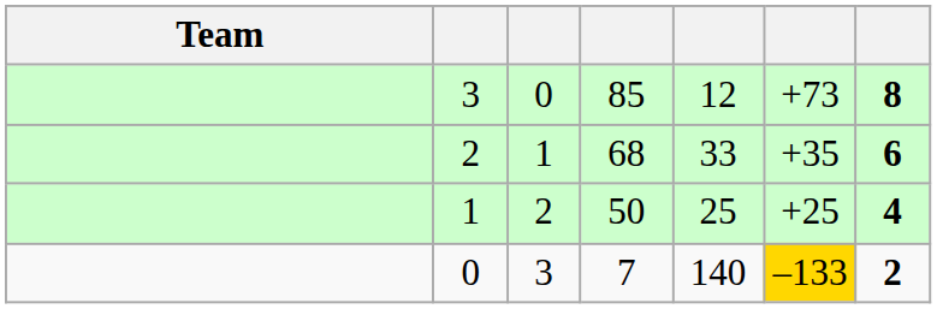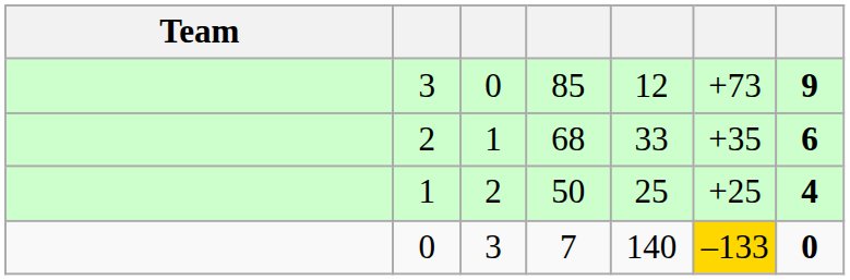 <table class="wikitable" style="text-align:center;">
 <tr>
 <th style="width:11.0em;">Team</th>
 <th style="width:1.5em;"></th>
 <th style="width:1.5em;"></th>
 <th style="width:2.0em;"></th>
 <th style="width:2.0em;"></th>
 <th style="width:2.0em;"></th>
 <th style="width:1.5em;"></th>
 </tr>
 <tr bgcolor=#cfc>
 <td align="left"></td>
 <td>3</td>
 <td>0</td>
 <td>85</td>
 <td>12</td>
 <td>+73</td>
-<td><strong>8</strong></td>
+<td><strong>9</strong></td>
 </tr>
 <tr bgcolor=#cfc>
 <td align="left"></td>
 <td>2</td>
 <td>1</td>
 <td>68</td>
 <td>33</td>
 <td>+35</td>
 <td><strong>6</strong></td>
 </tr>
 <tr bgcolor=#cfc>
 <td align="left"></td>
 <td>1</td>
 <td>2</td>
 <td>50</td>
 <td>25</td>
 <td>+25</td>
 <td><strong>4</strong></td>
 </tr>
 <tr>
 <td align="left"></td>
 <td>0</td>
 <td>3</td>
 <td>7</td>
 <td>140</td>
 <td style="background: gold;">–133</td>
-<td><strong>2</strong></td>
+<td><strong>0</strong></td>
 </tr>
 </table>
